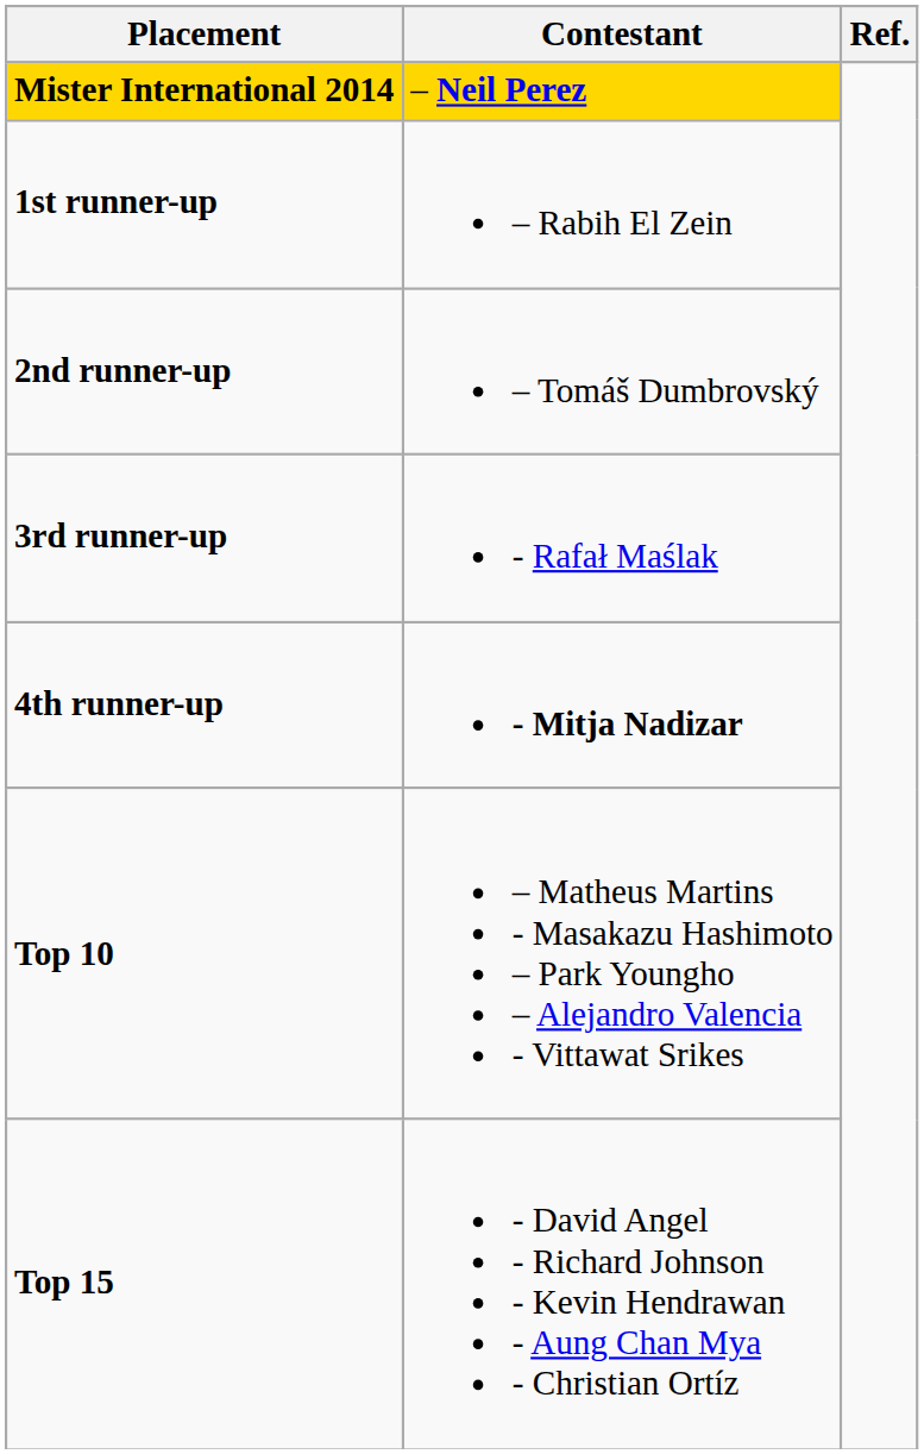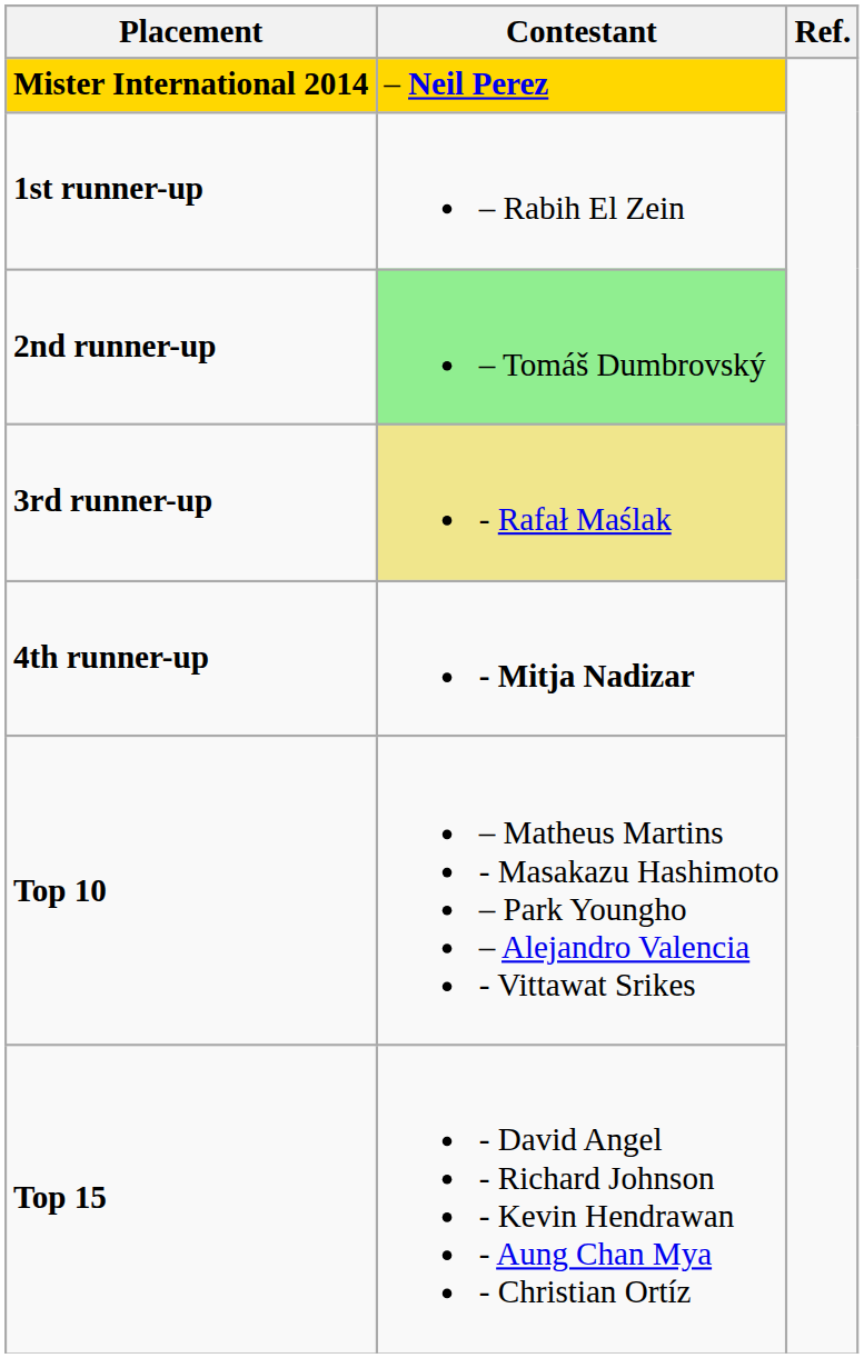 <table class="wikitable sortable" style="font-size: 85%;">
 <tr>
 <th>Placement</th>
 <th>Contestant</th>
 <th>Ref.</th>
 </tr>
 <tr>
 <td style="background:gold"><strong>Mister International 2014</strong></td>
 <td style="background:gold"><strong></strong> –  <strong><a href='#'>Neil Perez</a></strong></td>
 <td rowspan="7"><br><br><br><br><br></td>
 </tr>
 <tr>
 <td><strong> 1st runner-up</strong></td>
 <td><br><ul><li> – Rabih El Zein</li></ul></td>
 </tr>
 <tr>
 <td><strong>2nd runner-up</strong></td>
-<td><br><ul><li> –  Tomáš Dumbrovský</li></ul></td>
+<td style="background: lightgreen;"><br><ul><li> –  Tomáš Dumbrovský</li></ul></td>
 </tr>
 <tr>
 <td><strong>3rd runner-up</strong></td>
-<td><br><ul><li> - <a href='#'>Rafał Maślak</a></li></ul></td>
+<td style="background: khaki;"><br><ul><li> - <a href='#'>Rafał Maślak</a></li></ul></td>
 </tr>
 <tr>
 <td><strong>4th runner-up</strong></td>
 <td><strong><br><ul><li> -  Mitja Nadizar</li></ul></strong></td>
 </tr>
 <tr>
 <td><strong>Top 10</strong></td>
 <td><br><ul><li> – Matheus Martins</li><li> - Masakazu Hashimoto</li><li> – Park Youngho</li><li> – <a href='#'>Alejandro Valencia</a></li><li>- Vittawat Srikes</li></ul></td>
 </tr>
 <tr>
 <td><strong>Top 15</strong></td>
 <td><br><ul><li> - David Angel</li><li> - Richard Johnson</li><li> - Kevin Hendrawan</li><li> - <a href='#'>Aung Chan Mya</a></li><li> - Christian Ortíz</li></ul></td>
 </tr>
 </table>
